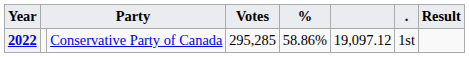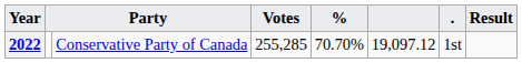 <table class="wikitable" style="font-size:90%; text-align:center;">
 <tr>
 <th style="background:#eaecf0;">Year</th>
 <th colspan="2" style="background:#eaecf0;">Party</th>
 <th style="background:#eaecf0;">Votes</th>
 <th style="background:#eaecf0;">%</th>
 <th style="background:#eaecf0;"></th>
 <th style="background:#eaecf0;">.</th>
 <th style="background:#eaecf0;">Result</th>
 </tr>
 <tr>
 <th align="left"><a href='#'>2022</a></th>
 <td rowspan="2" style="background-color:"></td>
 <td rowspan ="2" align="left"><a href='#'>Conservative Party of Canada</a></td>
-<td>295,285</td>
-<td>58.86%</td>
+<td>255,285</td>
+<td>70.70%</td>
 <td>19,097.12</td>
 <td>1st</td>
 <td></td>
 </tr>
 <tr>
 </tr>
 </table>
